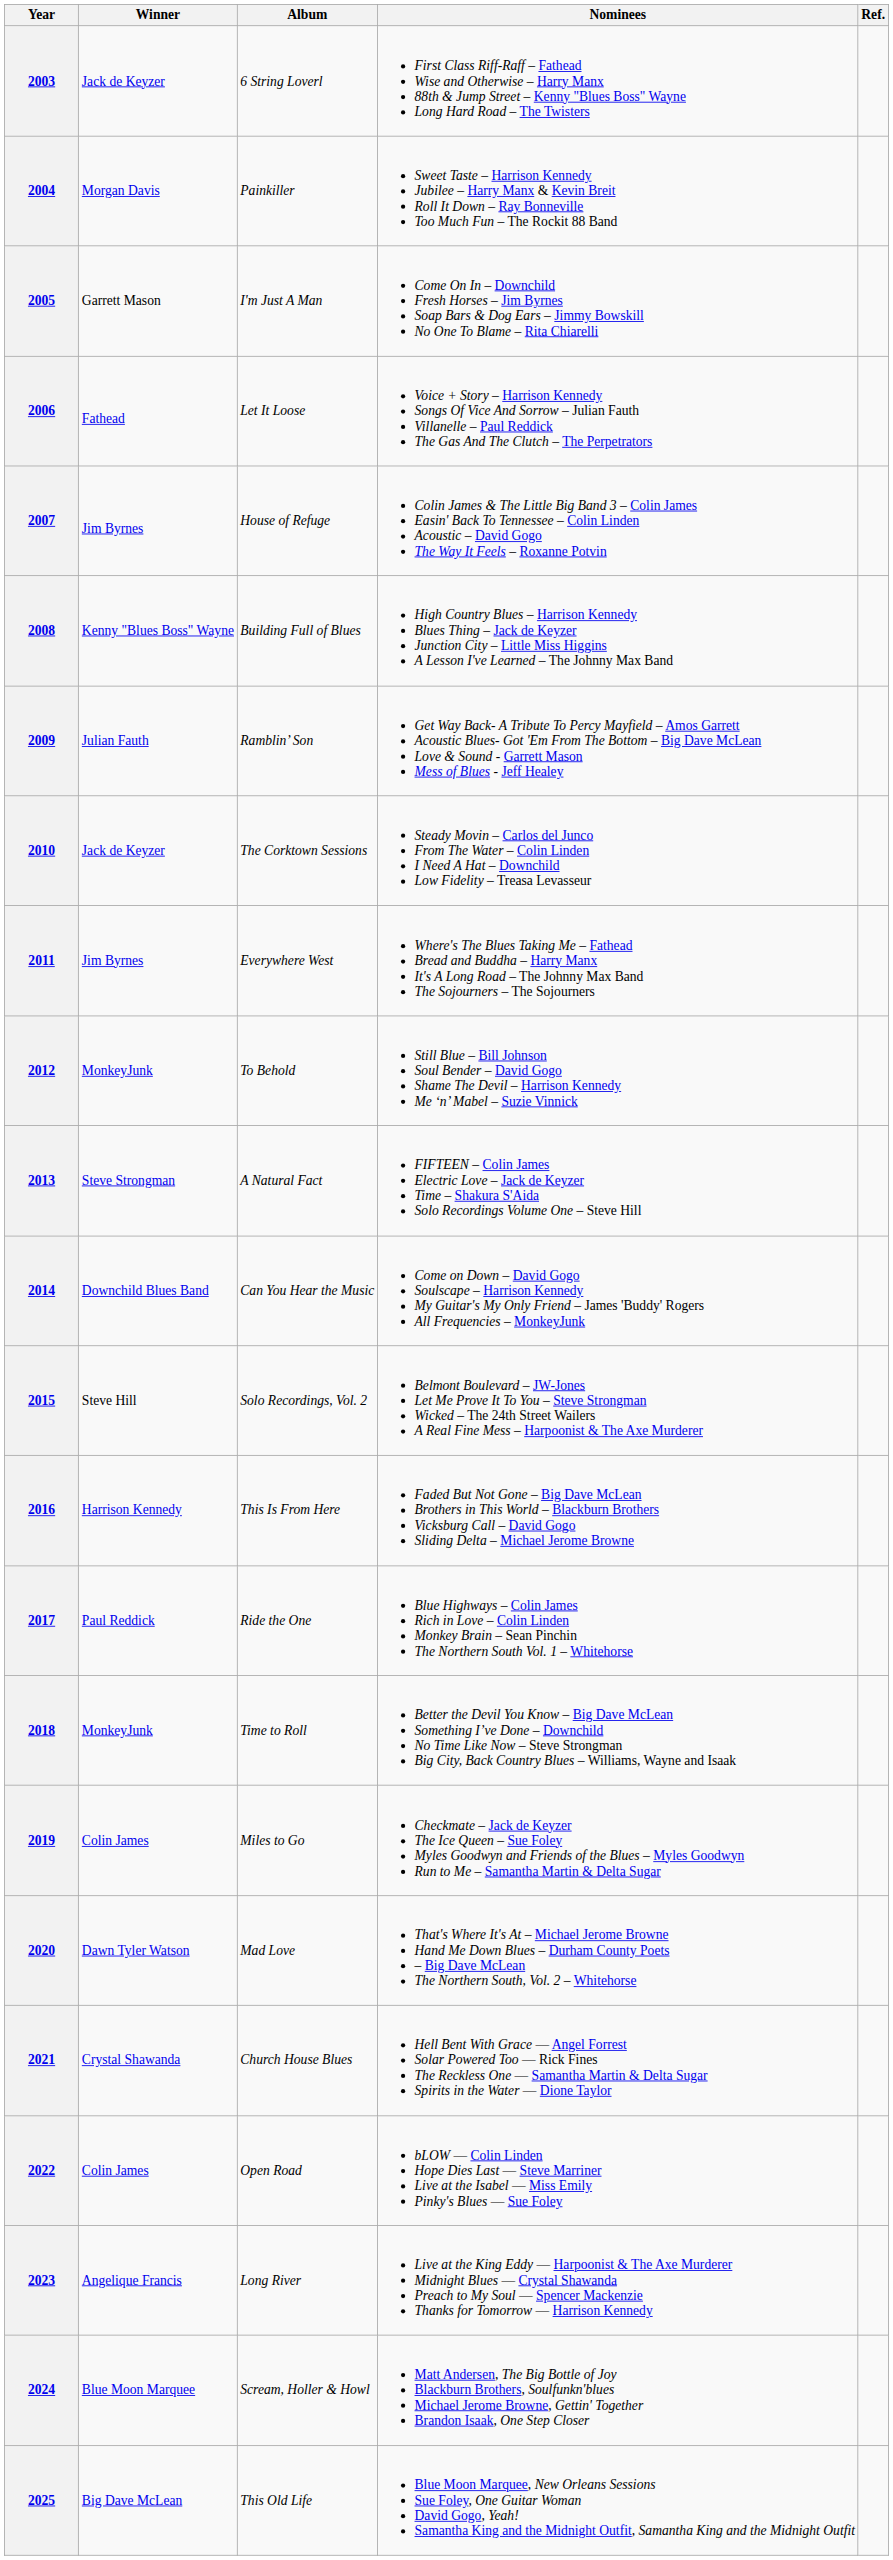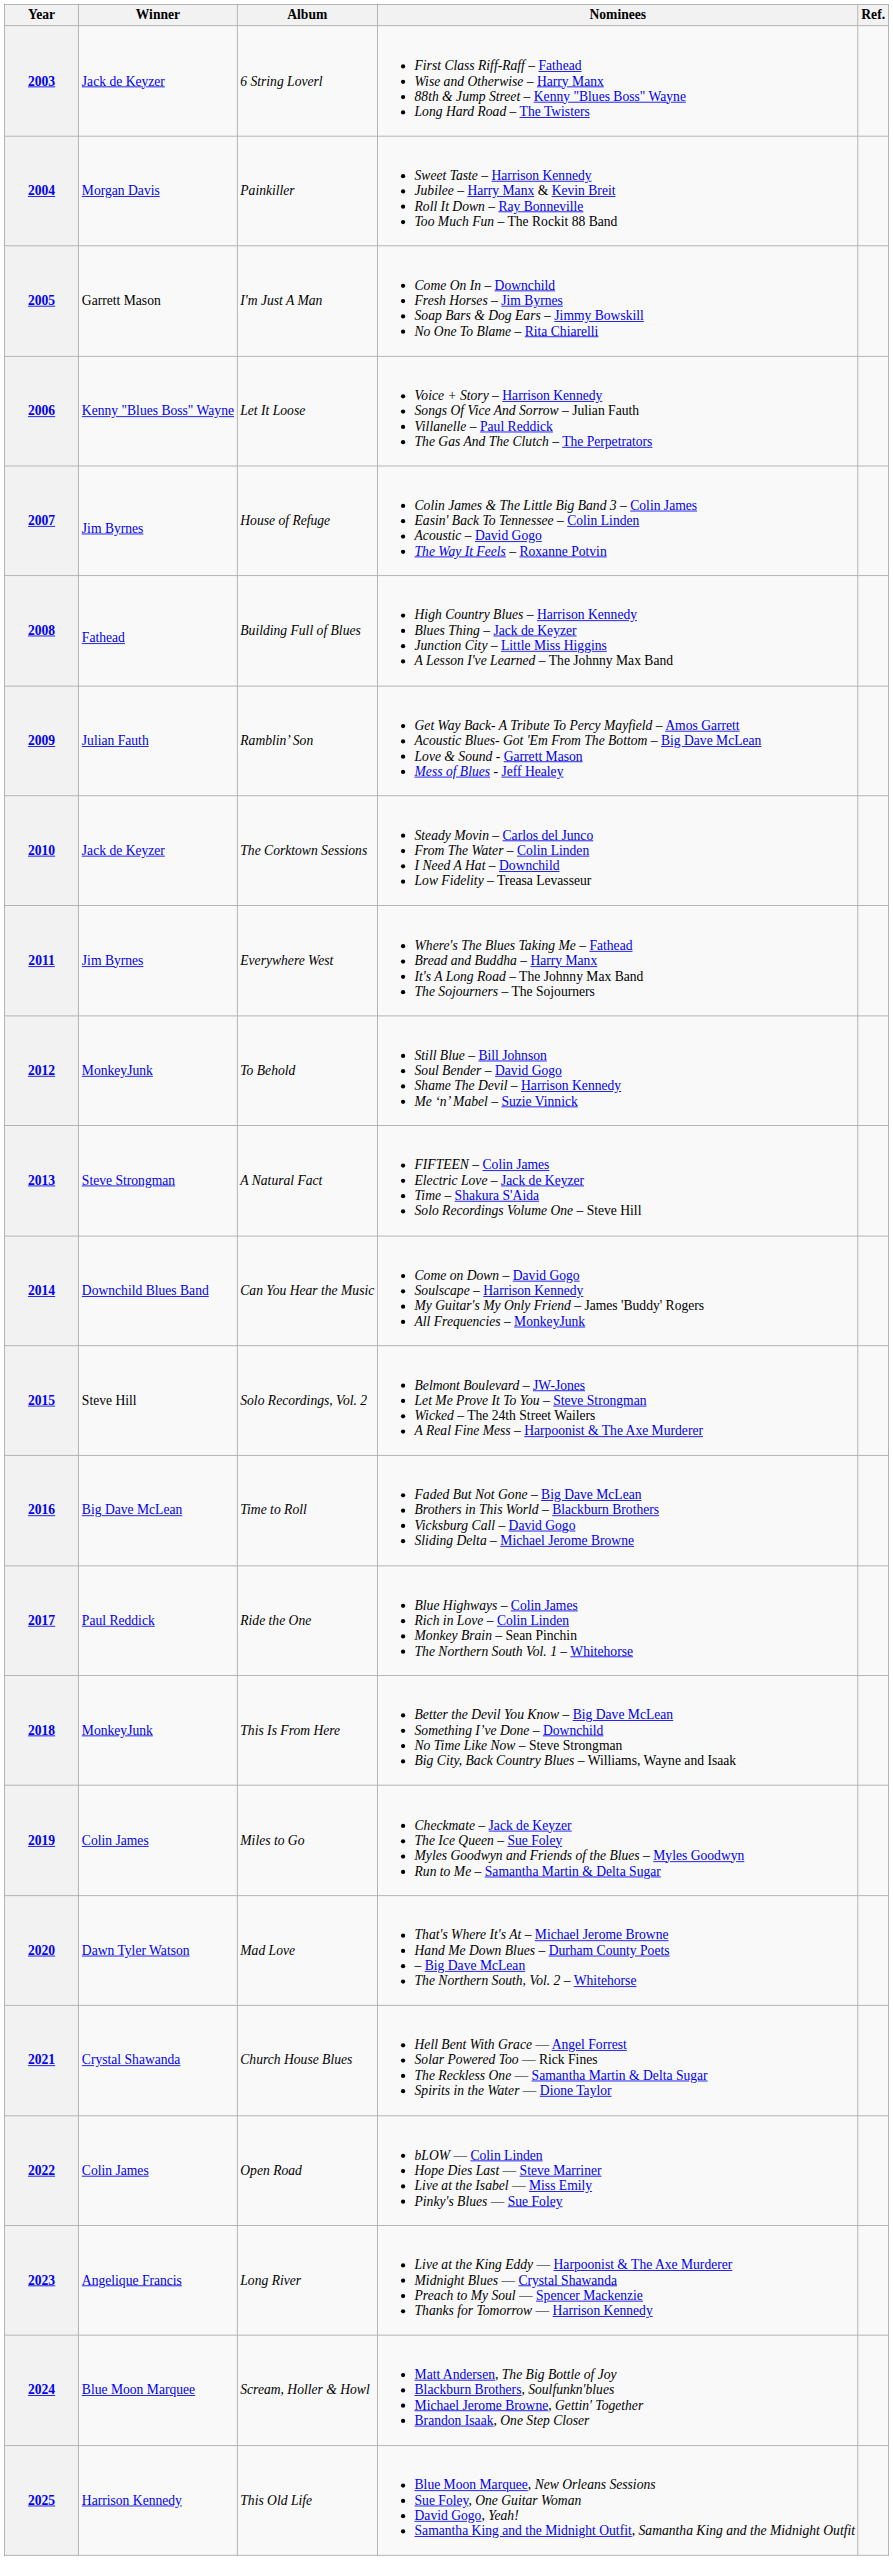 <table class="wikitable sortable">
 <tr>
 <th scope="col" style="width:5em;">Year</th>
 <th scope="col">Winner</th>
 <th scope="col">Album</th>
 <th scope="col" class="unsortable">Nominees</th>
 <th scope="col" class="unsortable">Ref.</th>
 </tr>
 <tr>
 <th scope="row"><a href='#'>2003</a></th>
 <td><a href='#'>Jack de Keyzer</a></td>
 <td><em>6 String Loverl</em></td>
 <td><br><ul><li><em>First Class Riff-Raff</em> – <a href='#'>Fathead</a></li><li><em>Wise and Otherwise</em> – <a href='#'>Harry Manx</a></li><li><em>88th & Jump Street</em> – <a href='#'>Kenny "Blues Boss" Wayne</a></li><li><em>Long Hard Road</em> – <a href='#'>The Twisters</a></li></ul></td>
 <td></td>
 </tr>
 <tr>
 <th scope="row"><a href='#'>2004</a></th>
 <td><a href='#'>Morgan Davis</a></td>
 <td><em>Painkiller</em></td>
 <td><br><ul><li><em>Sweet Taste</em> – <a href='#'>Harrison Kennedy</a></li><li><em>Jubilee</em> – <a href='#'>Harry Manx</a> & <a href='#'>Kevin Breit</a></li><li><em>Roll It Down</em> – <a href='#'>Ray Bonneville</a></li><li><em>Too Much Fun</em> – The Rockit 88 Band</li></ul></td>
 <td></td>
 </tr>
 <tr>
 <th scope="row"><a href='#'>2005</a></th>
 <td>Garrett Mason</td>
 <td><em>I'm Just A Man</em></td>
 <td><br><ul><li><em>Come On In</em> – <a href='#'>Downchild</a></li><li><em>Fresh Horses</em> – <a href='#'>Jim Byrnes</a></li><li><em>Soap Bars & Dog Ears</em> – <a href='#'>Jimmy Bowskill</a></li><li><em>No One To Blame</em> – <a href='#'>Rita Chiarelli</a></li></ul></td>
 </tr>
 <tr>
 <th scope="row"><a href='#'>2006</a></th>
-<td><br><a href='#'>Fathead</a></td>
+<td><a href='#'>Kenny "Blues Boss" Wayne</a></td>
 <td><em>Let It Loose</em></td>
 <td><br><ul><li><em>Voice + Story</em> – <a href='#'>Harrison Kennedy</a></li><li><em>Songs Of Vice And Sorrow</em> – Julian Fauth</li><li><em>Villanelle</em> – <a href='#'>Paul Reddick</a></li><li><em>The Gas And The Clutch</em> – <a href='#'>The Perpetrators</a></li></ul></td>
 <td></td>
 </tr>
 <tr>
 <th scope=row><a href='#'>2007</a></th>
 <td><br><a href='#'>Jim Byrnes</a></td>
 <td><em>House of Refuge</em></td>
 <td><br><ul><li><em>Colin James & The Little Big Band 3</em> – <a href='#'>Colin James</a></li><li><em>Easin' Back To Tennessee</em> – <a href='#'>Colin Linden</a></li><li><em>Acoustic</em> – <a href='#'>David Gogo</a></li><li><em><a href='#'>The Way It Feels</a></em> – <a href='#'>Roxanne Potvin</a></li></ul></td>
 <td></td>
 </tr>
 <tr>
 <th scope=row><a href='#'>2008</a></th>
-<td><a href='#'>Kenny "Blues Boss" Wayne</a></td>
+<td><br><a href='#'>Fathead</a></td>
 <td><em>Building Full of Blues</em></td>
 <td><br><ul><li><em>High Country Blues</em> – <a href='#'>Harrison Kennedy</a></li><li><em>Blues Thing</em> – <a href='#'>Jack de Keyzer</a></li><li><em>Junction City</em> – <a href='#'>Little Miss Higgins</a></li><li><em>A Lesson I've Learned</em> – The Johnny Max Band</li></ul></td>
 <td></td>
 </tr>
 <tr>
 <th scope=row><a href='#'>2009</a></th>
 <td><a href='#'>Julian Fauth</a></td>
 <td><em>Ramblin’ Son</em></td>
 <td><br><ul><li><em>Get Way Back- A Tribute To Percy Mayfield</em> – <a href='#'>Amos Garrett</a></li><li><em>Acoustic Blues- Got 'Em From The Bottom</em> – <a href='#'>Big Dave McLean</a></li><li><em>Love & Sound</em> - <a href='#'>Garrett Mason</a></li><li><em><a href='#'>Mess of Blues</a></em> - <a href='#'>Jeff Healey</a></li></ul></td>
 <td></td>
 </tr>
 <tr>
 <th scope=row><a href='#'>2010</a></th>
 <td><a href='#'>Jack de Keyzer</a></td>
 <td><em>The Corktown Sessions</em></td>
 <td><br><ul><li><em>Steady Movin</em> – <a href='#'>Carlos del Junco</a></li><li><em>From The Water</em> – <a href='#'>Colin Linden</a></li><li><em>I Need A Hat</em> – <a href='#'>Downchild</a></li><li><em>Low Fidelity</em> – Treasa Levasseur</li></ul></td>
 <td></td>
 </tr>
 <tr>
 <th scope=row><a href='#'>2011</a></th>
 <td><a href='#'>Jim Byrnes</a></td>
 <td><em>Everywhere West</em></td>
 <td><br><ul><li><em>Where's The Blues Taking Me</em> – <a href='#'>Fathead</a></li><li><em>Bread and Buddha</em> – <a href='#'>Harry Manx</a></li><li><em>It's A Long Road</em> – The Johnny Max Band</li><li><em>The Sojourners</em> – The Sojourners</li></ul></td>
 <td></td>
 </tr>
 <tr>
 <th scope=row><a href='#'>2012</a></th>
 <td><a href='#'>MonkeyJunk</a></td>
 <td><em>To Behold</em></td>
 <td><br><ul><li><em>Still Blue</em> – <a href='#'>Bill Johnson</a></li><li><em>Soul Bender</em> – <a href='#'>David Gogo</a></li><li><em>Shame The Devil</em> – <a href='#'>Harrison Kennedy</a></li><li><em>Me ‘n’ Mabel</em> – <a href='#'>Suzie Vinnick</a></li></ul></td>
 <td></td>
 </tr>
 <tr>
 <th scope=row><a href='#'>2013</a></th>
 <td><a href='#'>Steve Strongman</a></td>
 <td><em>A Natural Fact</em></td>
 <td><br><ul><li><em>FIFTEEN</em> – <a href='#'>Colin James</a></li><li><em>Electric Love</em> – <a href='#'>Jack de Keyzer</a></li><li><em>Time</em> – <a href='#'>Shakura S'Aida</a></li><li><em>Solo Recordings Volume One</em> – Steve Hill</li></ul></td>
 <td></td>
 </tr>
 <tr>
 <th scope=row><a href='#'>2014</a></th>
 <td><a href='#'>Downchild Blues Band</a></td>
 <td><em>Can You Hear the Music</em></td>
 <td><br><ul><li><em>Come on Down</em> – <a href='#'>David Gogo</a></li><li><em>Soulscape</em> – <a href='#'>Harrison Kennedy</a></li><li><em>My Guitar's My Only Friend</em> – James 'Buddy' Rogers</li><li><em>All Frequencies</em> – <a href='#'>MonkeyJunk</a></li></ul></td>
 <td></td>
 </tr>
 <tr>
 <th scope=row><a href='#'>2015</a></th>
 <td>Steve Hill</td>
 <td><em>Solo Recordings, Vol. 2</em></td>
 <td><br><ul><li><em>Belmont Boulevard</em> – <a href='#'>JW-Jones</a></li><li><em>Let Me Prove It To You</em> – <a href='#'>Steve Strongman</a></li><li><em>Wicked</em> – The 24th Street Wailers</li><li><em>A Real Fine Mess</em> – <a href='#'>Harpoonist & The Axe Murderer</a></li></ul></td>
 <td></td>
 </tr>
 <tr>
 <th scope=row><a href='#'>2016</a></th>
-<td><a href='#'>Harrison Kennedy</a></td>
-<td><em>This Is From Here</em></td>
+<td><a href='#'>Big Dave McLean</a></td>
+<td><em>Time to Roll</em></td>
 <td><br><ul><li><em>Faded But Not Gone</em> – <a href='#'>Big Dave McLean</a></li><li><em>Brothers in This World</em> – <a href='#'>Blackburn Brothers</a></li><li><em>Vicksburg Call</em> – <a href='#'>David Gogo</a></li><li><em>Sliding Delta</em> – <a href='#'>Michael Jerome Browne</a></li></ul></td>
 <td></td>
 </tr>
 <tr>
 <th scope=row><a href='#'>2017</a></th>
 <td><a href='#'>Paul Reddick</a></td>
 <td><em>Ride the One</em></td>
 <td><br><ul><li><em>Blue Highways</em> – <a href='#'>Colin James</a></li><li><em>Rich in Love</em> – <a href='#'>Colin Linden</a></li><li><em>Monkey Brain</em> – Sean Pinchin</li><li><em>The Northern South Vol. 1</em> – <a href='#'>Whitehorse</a></li></ul></td>
 <td></td>
 </tr>
 <tr>
 <th scope=row><a href='#'>2018</a></th>
 <td><a href='#'>MonkeyJunk</a></td>
-<td><em>Time to Roll</em></td>
+<td><em>This Is From Here</em></td>
 <td><br><ul><li><em>Better the Devil You Know</em> – <a href='#'>Big Dave McLean</a></li><li><em>Something I’ve Done</em> – <a href='#'>Downchild</a></li><li><em>No Time Like Now</em> – Steve Strongman</li><li><em>Big City, Back Country Blues</em> – Williams, Wayne and Isaak</li></ul></td>
 <td align=center></td>
 </tr>
 <tr>
 <th scope="row"><a href='#'>2019</a></th>
 <td><a href='#'>Colin James</a></td>
 <td><em>Miles to Go</em></td>
 <td><br><ul><li><em>Checkmate</em> – <a href='#'>Jack de Keyzer</a></li><li><em>The Ice Queen</em> – <a href='#'>Sue Foley</a></li><li><em>Myles Goodwyn and Friends of the Blues</em> – <a href='#'>Myles Goodwyn</a></li><li><em>Run to Me</em> – <a href='#'>Samantha Martin & Delta Sugar</a></li></ul></td>
 <td align="center"></td>
 </tr>
 <tr>
 <th scope="row"><a href='#'>2020</a></th>
 <td><a href='#'>Dawn Tyler Watson</a></td>
 <td><em>Mad Love</em></td>
 <td><br><ul><li><em>That's Where It's At</em> – <a href='#'>Michael Jerome Browne</a></li><li><em>Hand Me Down Blues</em> – <a href='#'>Durham County Poets</a></li><li><em></em> – <a href='#'>Big Dave McLean</a></li><li><em>The Northern South, Vol. 2</em> – <a href='#'>Whitehorse</a></li></ul></td>
 <td align="center"></td>
 </tr>
 <tr>
 <th style="text-align:center;" scope="row"><a href='#'>2021</a></th>
 <td><a href='#'>Crystal Shawanda</a></td>
 <td><em>Church House Blues</em></td>
 <td><br><ul><li><em>Hell Bent With Grace</em> — <a href='#'>Angel Forrest</a></li><li><em>Solar Powered Too</em> — Rick Fines</li><li><em>The Reckless One</em> — <a href='#'>Samantha Martin & Delta Sugar</a></li><li><em>Spirits in the Water</em> — <a href='#'>Dione Taylor</a></li></ul></td>
 <td align="center"></td>
 </tr>
 <tr>
 <th style="text-align:center;" scope="row"><a href='#'>2022</a></th>
 <td><a href='#'>Colin James</a></td>
 <td><em>Open Road</em></td>
 <td><br><ul><li><em>bLOW</em> — <a href='#'>Colin Linden</a></li><li><em>Hope Dies Last</em> — <a href='#'>Steve Marriner</a></li><li><em>Live at the Isabel</em> — <a href='#'>Miss Emily</a></li><li><em>Pinky's Blues</em> — <a href='#'>Sue Foley</a></li></ul></td>
 <td align="center"></td>
 </tr>
 <tr>
 <th scope="row"><a href='#'>2023</a></th>
 <td><a href='#'>Angelique Francis</a></td>
 <td><em>Long River</em></td>
 <td><br><ul><li><em>Live at the King Eddy</em> — <a href='#'>Harpoonist & The Axe Murderer</a></li><li><em>Midnight Blues</em> — <a href='#'>Crystal Shawanda</a></li><li><em>Preach to My Soul</em> — <a href='#'>Spencer Mackenzie</a></li><li><em>Thanks for Tomorrow</em> — <a href='#'>Harrison Kennedy</a></li></ul></td>
 <td align="center"></td>
 </tr>
 <tr>
 <th scope="row"><a href='#'>2024</a></th>
 <td><a href='#'>Blue Moon Marquee</a></td>
 <td><em>Scream, Holler & Howl</em></td>
 <td><br><ul><li><a href='#'>Matt Andersen</a>, <em>The Big Bottle of Joy</em></li><li><a href='#'>Blackburn Brothers</a>, <em>Soulfunkn'blues</em></li><li><a href='#'>Michael Jerome Browne</a>, <em>Gettin' Together</em></li><li><a href='#'>Brandon Isaak</a>, <em>One Step Closer</em></li></ul></td>
 <td align="center"></td>
 </tr>
 <tr>
 <th scope="row"><a href='#'>2025</a></th>
-<td><a href='#'>Big Dave McLean</a></td>
+<td><a href='#'>Harrison Kennedy</a></td>
 <td><em>This Old Life</em></td>
 <td><br><ul><li><a href='#'>Blue Moon Marquee</a>, <em>New Orleans Sessions</em></li><li><a href='#'>Sue Foley</a>, <em>One Guitar Woman</em></li><li><a href='#'>David Gogo</a>, <em>Yeah!</em></li><li><a href='#'>Samantha King and the Midnight Outfit</a>, <em>Samantha King and the Midnight Outfit</em></li></ul></td>
 <td align="center"></td>
 </tr>
 </table>
